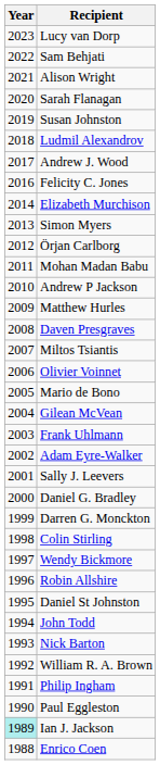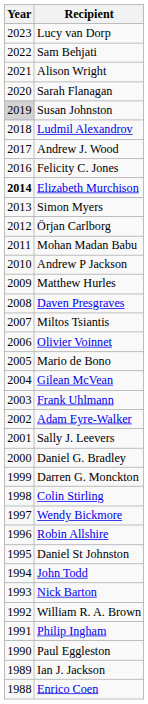 <table class="wikitable sortable">
 <tr>
 <th>Year</th>
 <th>Recipient</th>
 </tr>
 <tr>
 <td>2023</td>
 <td>Lucy van Dorp</td>
 </tr>
 <tr>
 <td>2022</td>
 <td>Sam Behjati</td>
 </tr>
 <tr>
 <td>2021</td>
 <td>Alison Wright</td>
 </tr>
 <tr>
 <td>2020</td>
 <td>Sarah Flanagan</td>
 </tr>
 <tr>
-<td>2019</td>
+<td style="background: lightgrey;">2019</td>
 <td>Susan Johnston</td>
 </tr>
 <tr>
 <td>2018</td>
 <td><a href='#'>Ludmil Alexandrov</a></td>
 </tr>
 <tr>
 <td>2017</td>
 <td>Andrew J. Wood</td>
 </tr>
 <tr>
 <td>2016</td>
 <td>Felicity C. Jones</td>
 </tr>
 <tr>
-<td>2014</td>
+<td><strong>2014</strong></td>
 <td><a href='#'>Elizabeth Murchison</a></td>
 </tr>
 <tr>
 <td>2013</td>
 <td>Simon Myers</td>
 </tr>
 <tr>
 <td>2012</td>
 <td>Örjan Carlborg</td>
 </tr>
 <tr>
 <td>2011</td>
 <td>Mohan Madan Babu</td>
 </tr>
 <tr>
 <td>2010</td>
 <td>Andrew P Jackson</td>
 </tr>
 <tr>
 <td>2009</td>
 <td>Matthew Hurles</td>
 </tr>
 <tr>
 <td>2008</td>
 <td><a href='#'>Daven Presgraves</a></td>
 </tr>
 <tr>
 <td>2007</td>
 <td>Miltos Tsiantis</td>
 </tr>
 <tr>
 <td>2006</td>
 <td><a href='#'>Olivier Voinnet</a></td>
 </tr>
 <tr>
 <td>2005</td>
 <td>Mario de Bono</td>
 </tr>
 <tr>
 <td>2004</td>
 <td><a href='#'>Gilean McVean</a></td>
 </tr>
 <tr>
 <td>2003</td>
 <td><a href='#'>Frank Uhlmann</a></td>
 </tr>
 <tr>
 <td>2002</td>
 <td><a href='#'>Adam Eyre-Walker</a></td>
 </tr>
 <tr>
 <td>2001</td>
 <td>Sally J. Leevers</td>
 </tr>
 <tr>
 <td>2000</td>
 <td>Daniel G. Bradley</td>
 </tr>
 <tr>
 <td>1999</td>
 <td>Darren G. Monckton</td>
 </tr>
 <tr>
 <td>1998</td>
 <td><a href='#'>Colin Stirling</a></td>
 </tr>
 <tr>
 <td>1997</td>
 <td><a href='#'>Wendy Bickmore</a></td>
 </tr>
 <tr>
 <td>1996</td>
 <td><a href='#'>Robin Allshire</a></td>
 </tr>
 <tr>
 <td>1995</td>
 <td>Daniel St Johnston</td>
 </tr>
 <tr>
 <td>1994</td>
 <td><a href='#'>John Todd</a></td>
 </tr>
 <tr>
 <td>1993</td>
 <td><a href='#'>Nick Barton</a></td>
 </tr>
 <tr>
 <td>1992</td>
 <td>William R. A. Brown</td>
 </tr>
 <tr>
 <td>1991</td>
 <td><a href='#'>Philip Ingham</a></td>
 </tr>
 <tr>
 <td>1990</td>
 <td>Paul Eggleston</td>
 </tr>
 <tr>
-<td style="background: paleturquoise;">1989</td>
+<td>1989</td>
 <td>Ian J. Jackson</td>
 </tr>
 <tr>
 <td>1988</td>
 <td><a href='#'>Enrico Coen</a></td>
 </tr>
 </table>
